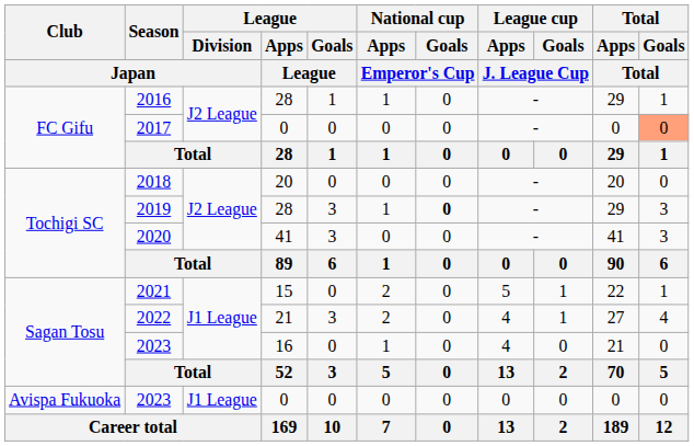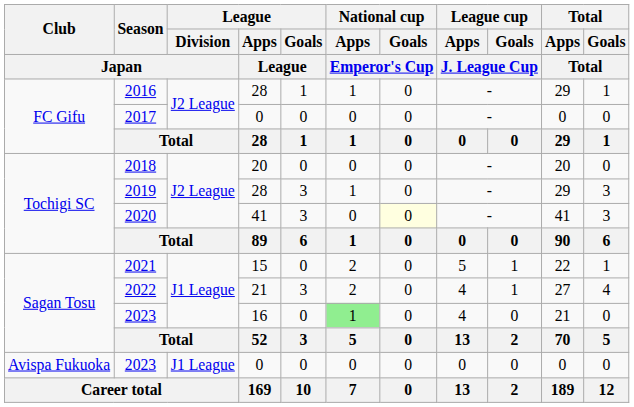 <table class="wikitable" style="text-align:center">
 <tr>
 <th rowspan=2>Club</th>
 <th rowspan=2>Season</th>
 <th colspan=3>League</th>
 <th colspan=2>National cup</th>
 <th colspan=2>League cup</th>
 <th colspan=2>Total</th>
 </tr>
 <tr>
 <th>Division</th>
 <th>Apps</th>
 <th>Goals</th>
 <th>Apps</th>
 <th>Goals</th>
 <th>Apps</th>
 <th>Goals</th>
 <th>Apps</th>
 <th>Goals</th>
 </tr>
 <tr>
 <th colspan=3>Japan</th>
 <th colspan=2>League</th>
 <th colspan=2><a href='#'>Emperor's Cup</a></th>
 <th colspan=2><a href='#'>J. League Cup</a></th>
 <th colspan=2>Total</th>
 </tr>
 <tr>
 <td rowspan="3"><a href='#'>FC Gifu</a></td>
 <td><a href='#'>2016</a></td>
 <td rowspan="2"><a href='#'>J2 League</a></td>
 <td>28</td>
 <td>1</td>
 <td>1</td>
 <td>0</td>
 <td colspan="2">-</td>
 <td>29</td>
 <td>1</td>
 </tr>
 <tr>
 <td><a href='#'>2017</a></td>
 <td>0</td>
 <td>0</td>
 <td>0</td>
 <td>0</td>
 <td colspan="2">-</td>
 <td>0</td>
-<td style="background: lightsalmon;">0</td>
+<td>0</td>
 </tr>
 <tr>
 <th colspan="2">Total</th>
 <th>28</th>
 <th>1</th>
 <th>1</th>
 <th>0</th>
 <th>0</th>
 <th>0</th>
 <th>29</th>
 <th>1</th>
 </tr>
 <tr>
 <td rowspan="4"><a href='#'>Tochigi SC</a></td>
 <td><a href='#'>2018</a></td>
 <td rowspan="3"><a href='#'>J2 League</a></td>
 <td>20</td>
 <td>0</td>
 <td>0</td>
 <td>0</td>
 <td colspan="2">-</td>
 <td>20</td>
 <td>0</td>
 </tr>
 <tr>
 <td><a href='#'>2019</a></td>
 <td>28</td>
 <td>3</td>
 <td>1</td>
-<td><strong>0</strong></td>
+<td>0</td>
 <td colspan="2">-</td>
 <td>29</td>
 <td>3</td>
 </tr>
 <tr>
 <td><a href='#'>2020</a></td>
 <td>41</td>
 <td>3</td>
 <td>0</td>
-<td>0</td>
+<td style="background: lightyellow;">0</td>
 <td colspan="2">-</td>
 <td>41</td>
 <td>3</td>
 </tr>
 <tr>
 <th colspan="2">Total</th>
 <th>89</th>
 <th>6</th>
 <th>1</th>
 <th>0</th>
 <th>0</th>
 <th>0</th>
 <th>90</th>
 <th>6</th>
 </tr>
 <tr>
 <td rowspan="4"><a href='#'>Sagan Tosu</a></td>
 <td><a href='#'>2021</a></td>
 <td rowspan="3"><a href='#'>J1 League</a></td>
 <td>15</td>
 <td>0</td>
 <td>2</td>
 <td>0</td>
 <td>5</td>
 <td>1</td>
 <td>22</td>
 <td>1</td>
 </tr>
 <tr>
 <td><a href='#'>2022</a></td>
 <td>21</td>
 <td>3</td>
 <td>2</td>
 <td>0</td>
 <td>4</td>
 <td>1</td>
 <td>27</td>
 <td>4</td>
 </tr>
 <tr>
 <td><a href='#'>2023</a></td>
 <td>16</td>
 <td>0</td>
-<td>1</td>
+<td style="background: lightgreen;">1</td>
 <td>0</td>
 <td>4</td>
 <td>0</td>
 <td>21</td>
 <td>0</td>
 </tr>
 <tr>
 <th colspan="2">Total</th>
 <th>52</th>
 <th>3</th>
 <th>5</th>
 <th>0</th>
 <th>13</th>
 <th>2</th>
 <th>70</th>
 <th>5</th>
 </tr>
 <tr>
 <td><a href='#'>Avispa Fukuoka</a></td>
 <td><a href='#'>2023</a></td>
 <td><a href='#'>J1 League</a></td>
 <td>0</td>
 <td>0</td>
 <td>0</td>
 <td>0</td>
 <td>0</td>
 <td>0</td>
 <td>0</td>
 <td>0</td>
 </tr>
 <tr>
 <th colspan=3>Career total</th>
 <th>169</th>
 <th>10</th>
 <th>7</th>
 <th>0</th>
 <th>13</th>
 <th>2</th>
 <th>189</th>
 <th>12</th>
 </tr>
 </table>
